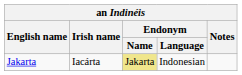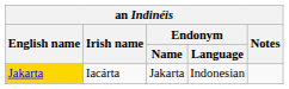 <table class="wikitable sortable">
 <tr>
 <th colspan="5"> an <em>Indinéis</em></th>
 </tr>
 <tr>
 <th rowspan="2">English name</th>
 <th rowspan="2">Irish name</th>
 <th colspan="2">Endonym</th>
 <th rowspan="2">Notes</th>
 </tr>
 <tr>
 <th>Name</th>
 <th>Language</th>
 </tr>
 <tr>
-<td><a href='#'>Jakarta</a></td>
+<td style="background: gold;"><a href='#'>Jakarta</a></td>
 <td>Iacárta</td>
-<td style="background: khaki;">Jakarta</td>
+<td>Jakarta</td>
 <td>Indonesian</td>
 <td></td>
 </tr>
 </table>
